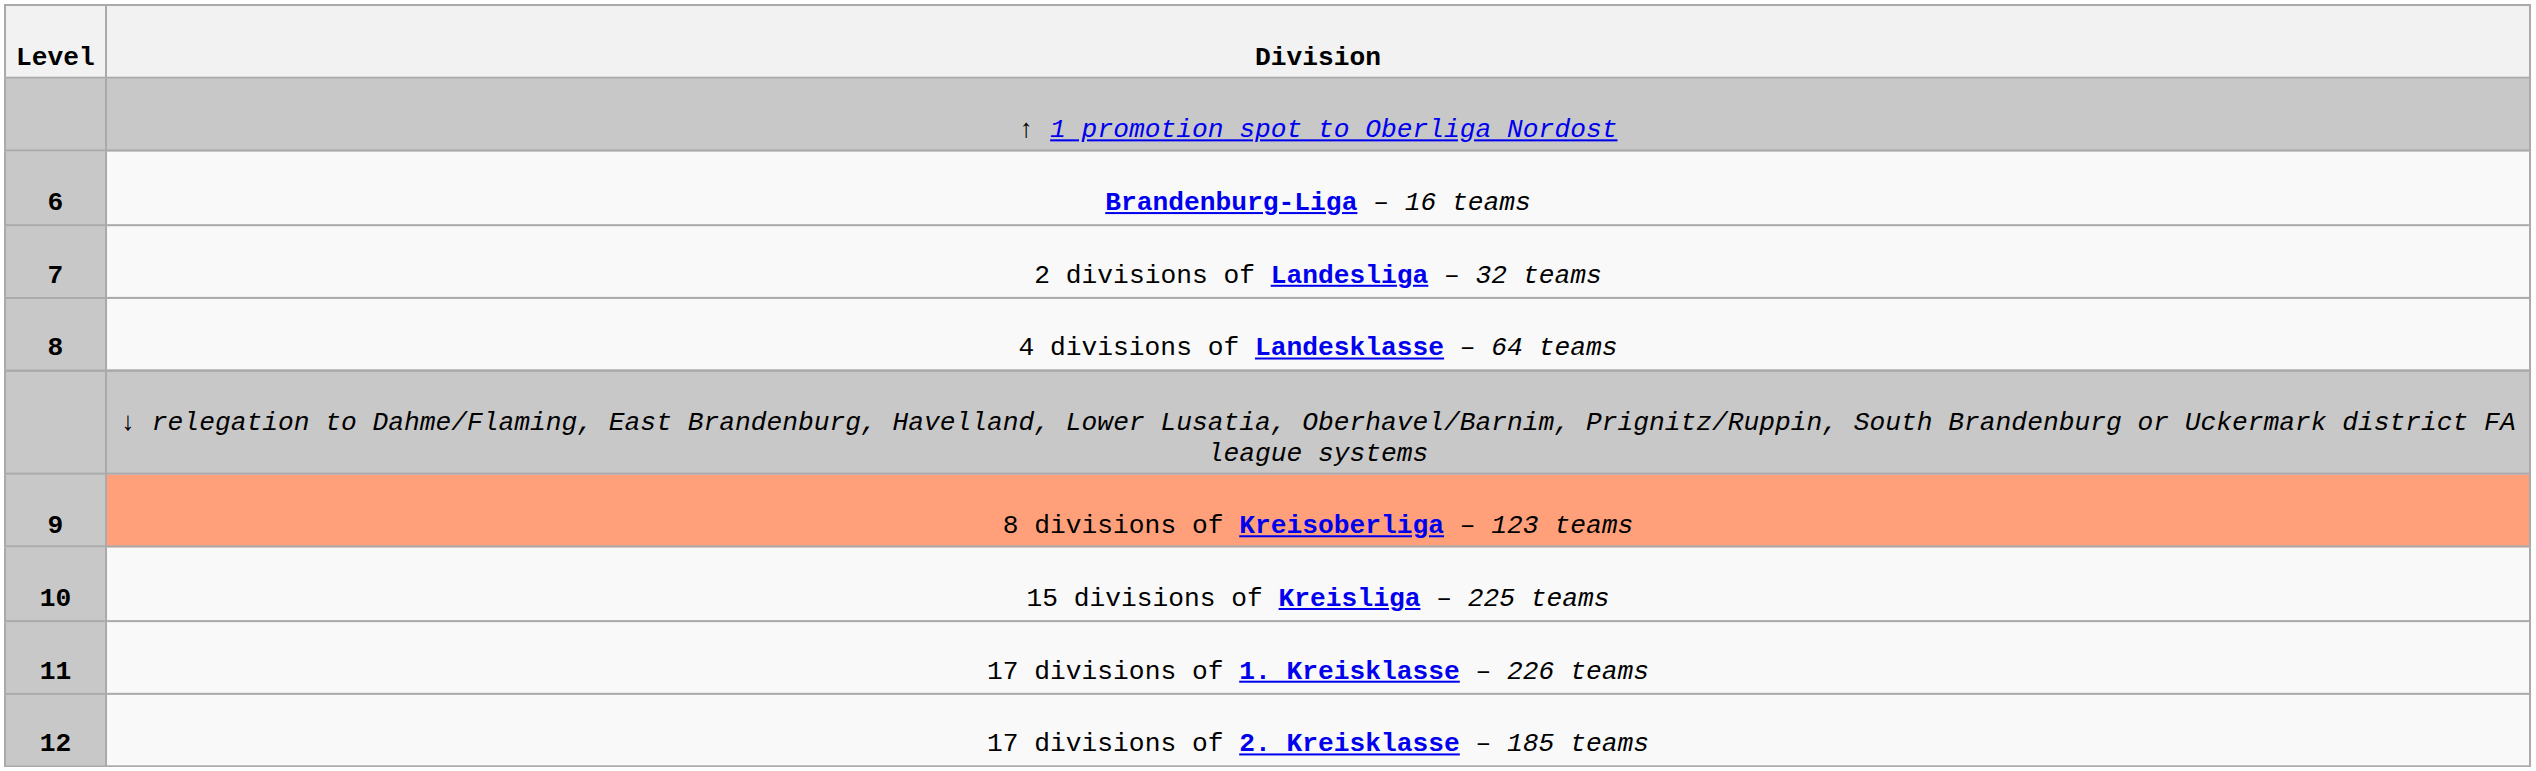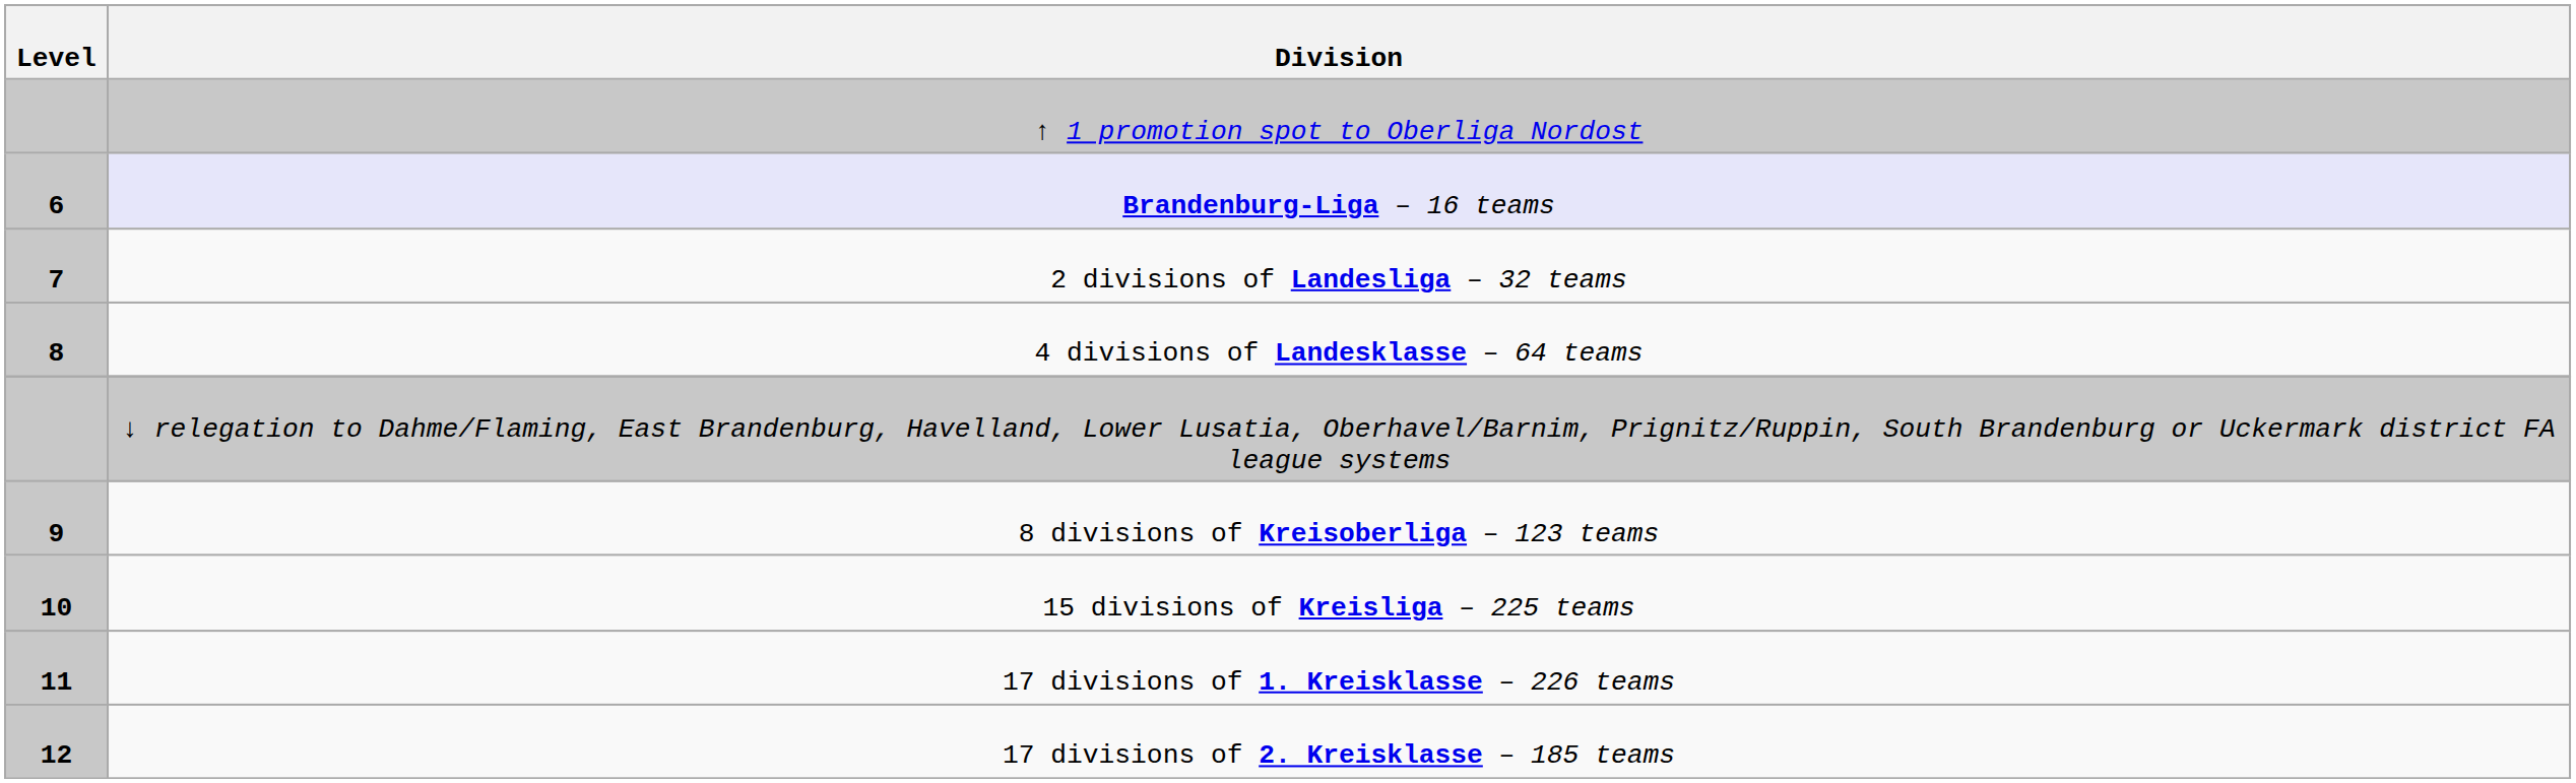 <table class="wikitable" style="text-align:center">
 <tr>
 <th colspan="1" width="4%"><br>Level</th>
 <th colspan="1"><br>Division</th>
 </tr>
 <tr style="background:#c8c8c8">
 <td colspan="1"></td>
 <td colspan="1"><br><em>↑ <a href='#'>1 promotion spot to Oberliga Nordost</a></em></td>
 </tr>
 <tr>
 <td colspan="1" style="background:#c8c8c8"><br><strong>6</strong></td>
-<td colspan="1"><br><strong><a href='#'>Brandenburg-Liga</a></strong> – <em>16 teams</em></td>
+<td colspan="1" style="background: lavender;"><br><strong><a href='#'>Brandenburg-Liga</a></strong> – <em>16 teams</em></td>
 </tr>
 <tr>
 <td colspan="1" style="background:#c8c8c8"><br><strong>7</strong></td>
 <td colspan="1"><br>2 divisions of <strong><a href='#'>Landesliga</a></strong> – <em>32 teams</em></td>
 </tr>
 <tr>
 <td colspan="1" style="background:#c8c8c8"><br><strong>8</strong></td>
 <td colspan="1"><br>4 divisions of <strong><a href='#'>Landesklasse</a></strong> – <em>64 teams</em></td>
 </tr>
 <tr>
 </tr>
 <tr style="background:#c8c8c8">
 <td colspan="1"></td>
 <td colspan="1"><br><em>↓ relegation to Dahme/Flaming, East Brandenburg, Havelland, Lower Lusatia, Oberhavel/Barnim, Prignitz/Ruppin, South Brandenburg or Uckermark district FA league systems</em></td>
 </tr>
 <tr>
 <td colspan="1" style="background:#c8c8c8"><br><strong>9</strong></td>
-<td colspan="1" style="background: lightsalmon;"><br>8 divisions of <strong><a href='#'>Kreisoberliga</a></strong> – <em>123 teams</em></td>
+<td colspan="1"><br>8 divisions of <strong><a href='#'>Kreisoberliga</a></strong> – <em>123 teams</em></td>
 </tr>
 <tr>
 <td colspan="1" style="background:#c8c8c8"><br><strong>10</strong></td>
 <td colspan="1"><br>15 divisions of <strong><a href='#'>Kreisliga</a></strong> – <em>225 teams</em></td>
 </tr>
 <tr>
 <td colspan="1" style="background:#c8c8c8"><br><strong>11</strong></td>
 <td colspan="1"><br>17 divisions of <strong><a href='#'>1. Kreisklasse</a></strong> – <em>226 teams</em></td>
 </tr>
 <tr>
 <td colspan="1" style="background:#c8c8c8"><br><strong>12</strong></td>
 <td colspan="1"><br>17 divisions of <strong><a href='#'>2. Kreisklasse</a></strong> – <em>185 teams</em></td>
 </tr>
 <tr>
 </tr>
 </table>
